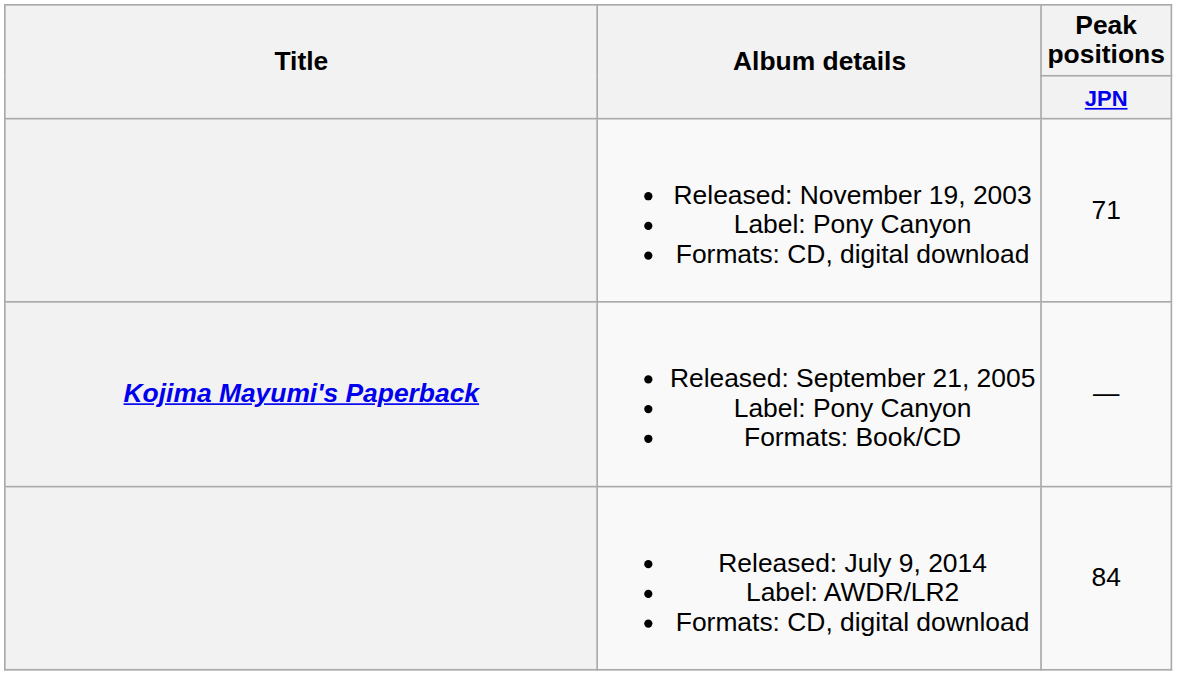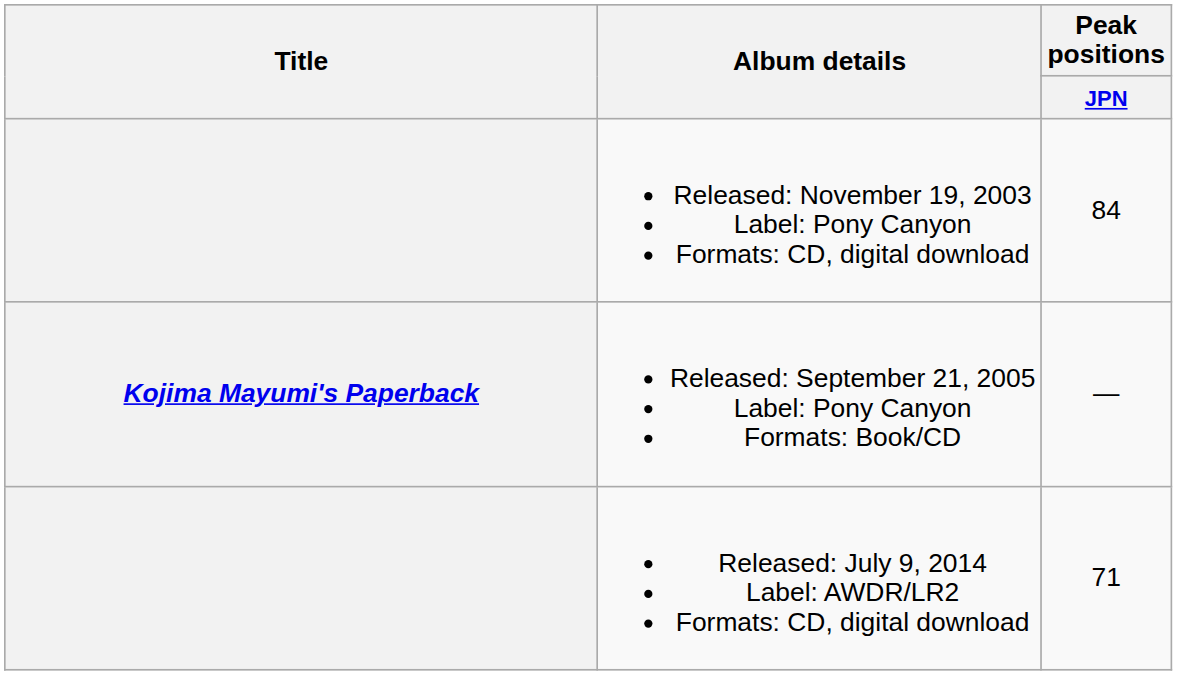 <table class="wikitable plainrowheaders" style="text-align:center;">
 <tr>
 <th style="width:22em;" rowspan="2">Title</th>
 <th rowspan="2">Album details</th>
 <th colspan="1">Peak positions</th>
 </tr>
 <tr>
 <th style="width:2.5em;"><small><a href='#'>JPN</a></small><br></th>
 </tr>
 <tr>
 <th scope="row"></th>
 <td><br><ul><li>Released: November 19, 2003 </li><li>Label: Pony Canyon</li><li>Formats: CD, digital download</li></ul></td>
-<td>71</td>
+<td>84</td>
 </tr>
 <tr>
 <th scope="row"><em><a href='#'>Kojima Mayumi's Paperback</a></em></th>
 <td><br><ul><li>Released: September 21, 2005 </li><li>Label: Pony Canyon</li><li>Formats: Book/CD</li></ul></td>
 <td>—</td>
 </tr>
 <tr>
 <th scope="row"></th>
 <td><br><ul><li>Released: July 9, 2014 </li><li>Label: AWDR/LR2</li><li>Formats: CD, digital download</li></ul></td>
-<td>84</td>
+<td>71</td>
 </tr>
 </table>
